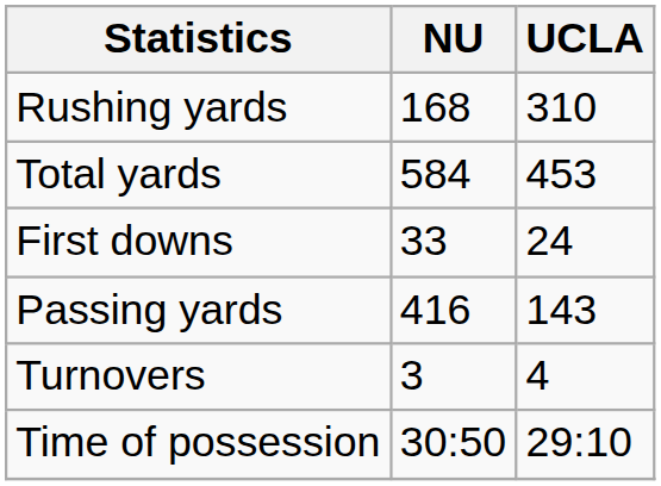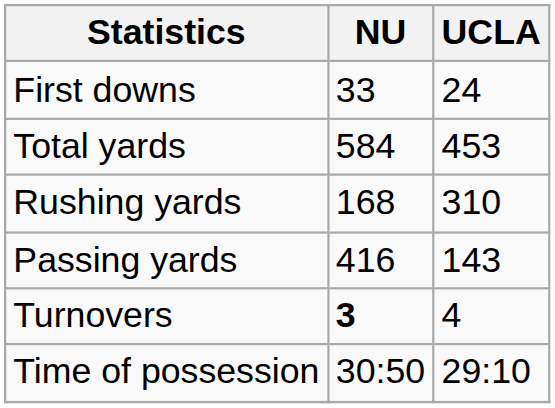 <table class="wikitable">
 <tr>
 <th>Statistics</th>
 <th>NU</th>
 <th>UCLA</th>
 </tr>
 <tr>
-<td>Rushing yards</td>
-<td>168</td>
-<td>310</td>
+<td>First downs</td>
+<td>33</td>
+<td>24</td>
 </tr>
 <tr>
 <td>Total yards</td>
 <td>584</td>
 <td>453</td>
 </tr>
 <tr>
-<td>First downs</td>
-<td>33</td>
-<td>24</td>
+<td>Rushing yards</td>
+<td>168</td>
+<td>310</td>
 </tr>
 <tr>
 <td>Passing yards</td>
 <td>416</td>
 <td>143</td>
 </tr>
 <tr>
 <td>Turnovers</td>
-<td>3</td>
+<td><strong>3</strong></td>
 <td>4</td>
 </tr>
 <tr>
 <td>Time of possession</td>
 <td>30:50</td>
 <td>29:10</td>
 </tr>
 <tr>
 </tr>
 </table>
